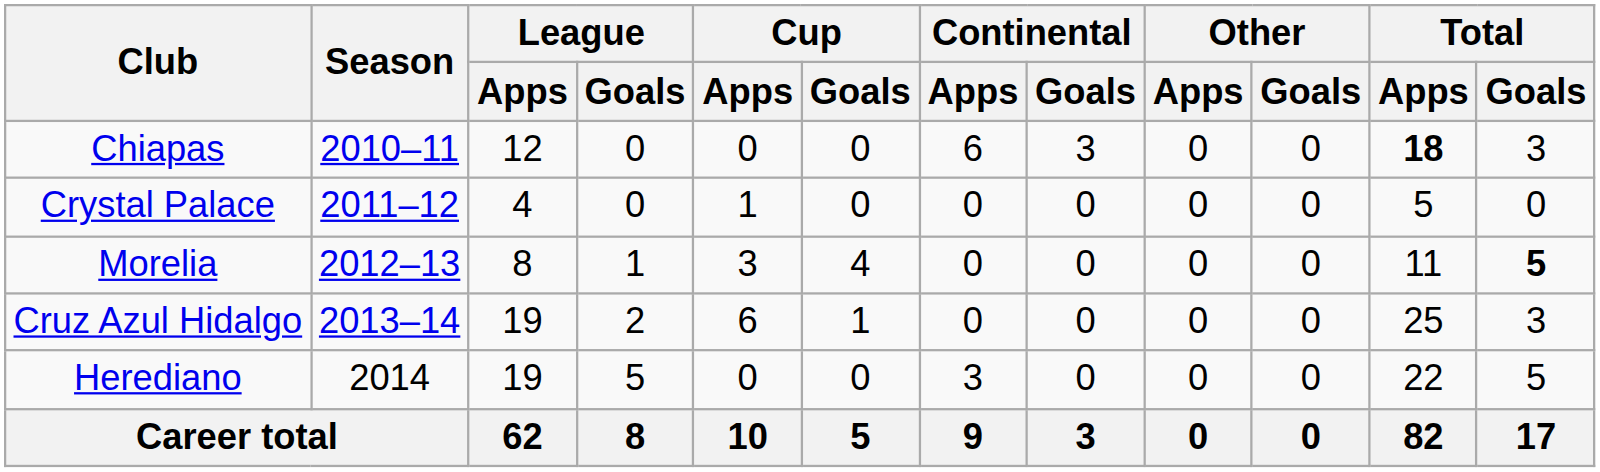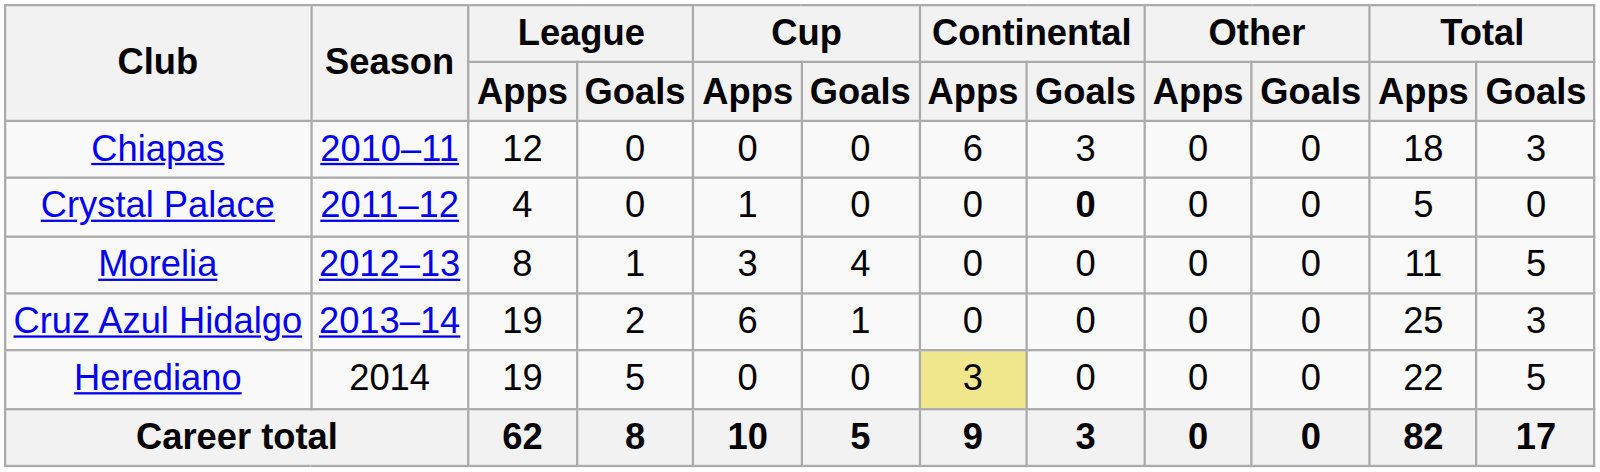 <table class="wikitable" style="text-align:center">
 <tr>
 <th rowspan="2">Club</th>
 <th rowspan="2">Season</th>
 <th colspan="2">League</th>
 <th colspan="2">Cup</th>
 <th colspan="2">Continental</th>
 <th colspan="2">Other</th>
 <th colspan="2">Total</th>
 </tr>
 <tr>
 <th>Apps</th>
 <th>Goals</th>
 <th>Apps</th>
 <th>Goals</th>
 <th>Apps</th>
 <th>Goals</th>
 <th>Apps</th>
 <th>Goals</th>
 <th>Apps</th>
 <th>Goals</th>
 </tr>
 <tr>
 <td><a href='#'>Chiapas</a></td>
 <td><a href='#'>2010–11</a></td>
 <td>12</td>
 <td>0</td>
 <td>0</td>
 <td>0</td>
 <td>6</td>
 <td>3</td>
 <td>0</td>
 <td>0</td>
-<td><strong>18</strong></td>
+<td>18</td>
 <td>3</td>
 </tr>
 <tr>
 <td><a href='#'>Crystal Palace</a></td>
 <td><a href='#'>2011–12</a></td>
 <td>4</td>
 <td>0</td>
 <td>1</td>
 <td>0</td>
 <td>0</td>
-<td>0</td>
+<td><strong>0</strong></td>
 <td>0</td>
 <td>0</td>
 <td>5</td>
 <td>0</td>
 </tr>
 <tr>
 <td><a href='#'>Morelia</a></td>
 <td><a href='#'>2012–13</a></td>
 <td>8</td>
 <td>1</td>
 <td>3</td>
 <td>4</td>
 <td>0</td>
 <td>0</td>
 <td>0</td>
 <td>0</td>
 <td>11</td>
-<td><strong>5</strong></td>
+<td>5</td>
 </tr>
 <tr>
 <td><a href='#'>Cruz Azul Hidalgo</a></td>
 <td><a href='#'>2013–14</a></td>
 <td>19</td>
 <td>2</td>
 <td>6</td>
 <td>1</td>
 <td>0</td>
 <td>0</td>
 <td>0</td>
 <td>0</td>
 <td>25</td>
 <td>3</td>
 </tr>
 <tr>
 <td><a href='#'>Herediano</a></td>
 <td>2014</td>
 <td>19</td>
 <td>5</td>
 <td>0</td>
 <td>0</td>
-<td>3</td>
+<td style="background: khaki;">3</td>
 <td>0</td>
 <td>0</td>
 <td>0</td>
 <td>22</td>
 <td>5</td>
 </tr>
 <tr>
 <th colspan="2">Career total</th>
 <th>62</th>
 <th>8</th>
 <th>10</th>
 <th>5</th>
 <th>9</th>
 <th>3</th>
 <th>0</th>
 <th>0</th>
 <th>82</th>
 <th>17</th>
 </tr>
 </table>
